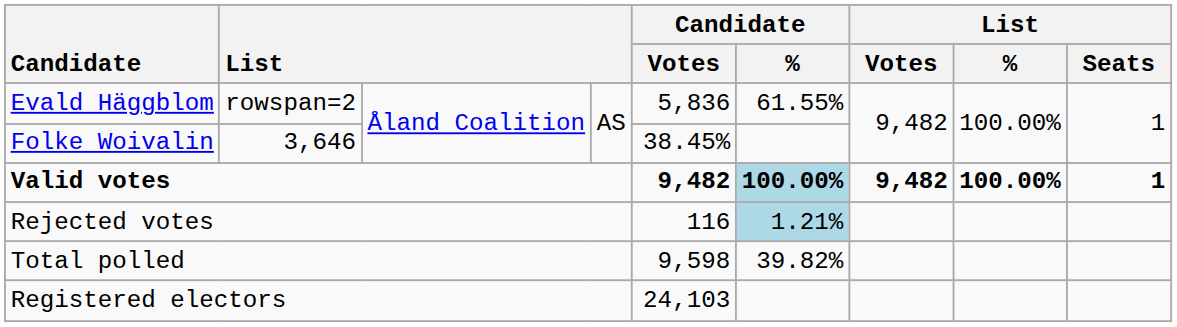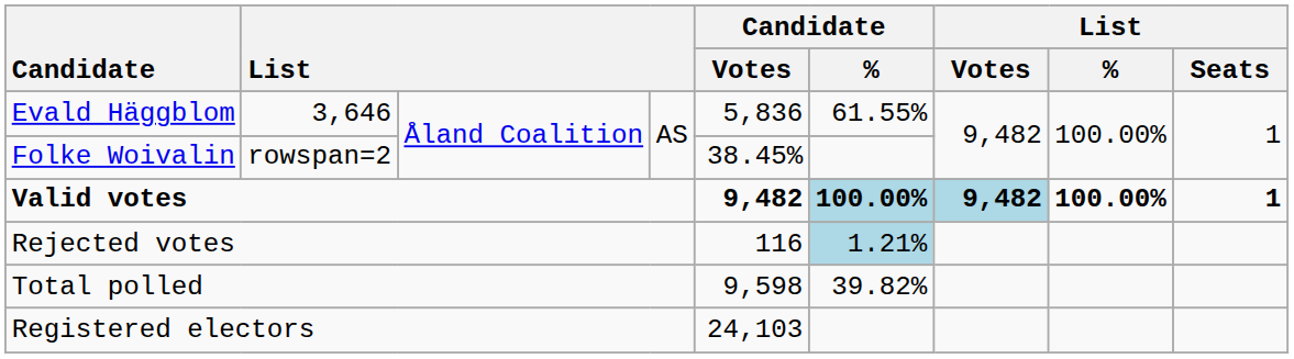 <table class="wikitable" border="1" style="text-align:right;">
 <tr>
 <th ! style="text-align:left;" valign=bottom rowspan=2>Candidate</th>
 <th style="text-align:left;" valign=bottom rowspan=2 colspan=3>List</th>
 <th colspan=2>Candidate</th>
 <th colspan=3>List</th>
 </tr>
 <tr>
 <th align=center valign=bottom width="50">Votes</th>
 <th align=center valign=bottom width="50">%</th>
 <th align=center valign=bottom width="50">Votes</th>
 <th align=center valign=bottom width="50">%</th>
 <th align=center valign=bottom width="50">Seats</th>
 </tr>
 <tr>
 <td align=left><a href='#'>Evald Häggblom</a></td>
-<td>rowspan=2 </td>
+<td>3,646</td>
 <td rowspan=2 align=left><a href='#'>Åland Coalition</a></td>
 <td rowspan=2 align=left>AS</td>
 <td>5,836</td>
 <td>61.55%</td>
 <td rowspan=2>9,482</td>
 <td rowspan=2>100.00%</td>
 <td rowspan=2>1</td>
 </tr>
 <tr>
 <td align=left><a href='#'>Folke Woivalin</a></td>
-<td>3,646</td>
+<td>rowspan=2 </td>
 <td>38.45%</td>
 </tr>
 <tr style="font-weight:bold">
 <td align=left colspan=4>Valid votes</td>
 <td>9,482</td>
 <td style="background: lightblue;">100.00%</td>
-<td>9,482</td>
+<td style="background: lightblue;">9,482</td>
 <td>100.00%</td>
 <td>1</td>
 </tr>
 <tr>
 <td align=left colspan=4>Rejected votes</td>
 <td>116</td>
 <td style="background: lightblue;">1.21%</td>
 <td></td>
 <td></td>
 <td></td>
 </tr>
 <tr>
 <td align=left colspan=4>Total polled</td>
 <td>9,598</td>
 <td>39.82%</td>
 <td></td>
 <td></td>
 <td></td>
 </tr>
 <tr>
 <td align=left colspan=4>Registered electors</td>
 <td>24,103</td>
 <td></td>
 <td></td>
 <td></td>
 <td></td>
 </tr>
 </table>
